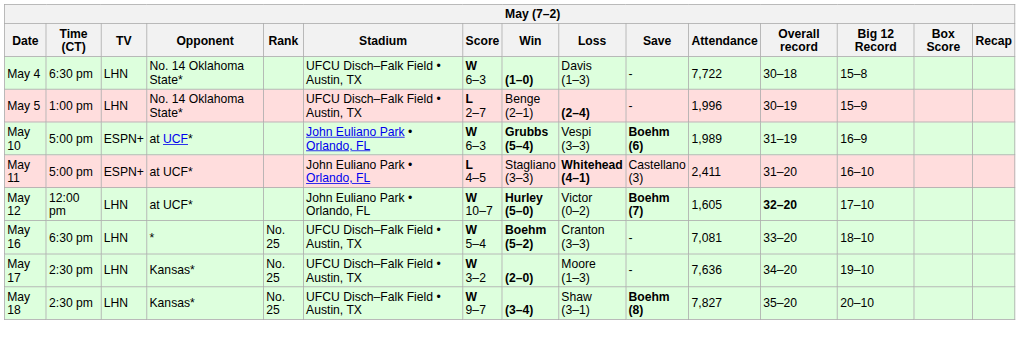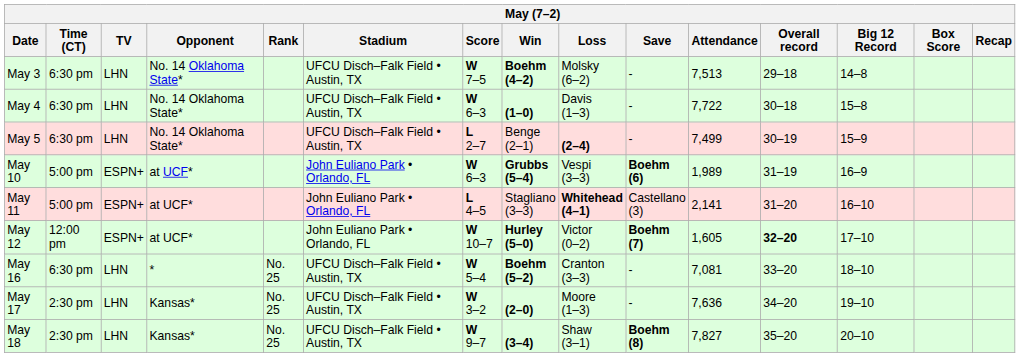 <table class="wikitable collapsible collapsed" style="margin:auto; font-size:95%; width:100%">
 <tr>
 <th colspan=15 style="padding-left:4em;">May (7–2)</th>
 </tr>
 <tr>
 <th>Date</th>
 <th>Time (CT)</th>
 <th>TV</th>
 <th>Opponent</th>
 <th>Rank</th>
 <th>Stadium</th>
 <th>Score</th>
 <th>Win</th>
 <th>Loss</th>
 <th>Save</th>
 <th>Attendance</th>
 <th>Overall record</th>
 <th>Big 12 Record</th>
 <th>Box Score</th>
 <th>Recap</th>
 </tr>
 <tr bgcolor=ddffdd>
+<td>May 3</td>
+<td>6:30 pm</td>
+<td>LHN</td>
+<td>No. 14 <a href='#'>Oklahoma State</a>*</td>
+<td></td>
+<td>UFCU Disch–Falk Field • Austin, TX</td>
+<td><strong>W</strong><br>7–5</td>
+<td><strong>Boehm<br>(4–2)</strong></td>
+<td>Molsky<br>(6–2)</td>
+<td>-</td>
+<td>7,513</td>
+<td>29–18</td>
+<td>14–8</td>
+<td></td>
+<td></td>
+</tr>
+<tr bgcolor=ddffdd>
 <td>May 4</td>
 <td>6:30 pm</td>
 <td>LHN</td>
 <td>No. 14 Oklahoma State*</td>
 <td></td>
 <td>UFCU Disch–Falk Field • Austin, TX</td>
 <td><strong>W</strong><br>6–3</td>
 <td><strong><br>(1–0)</strong></td>
 <td>Davis<br>(1–3)</td>
 <td>-</td>
 <td>7,722</td>
 <td>30–18</td>
 <td>15–8</td>
 <td></td>
 <td></td>
 </tr>
 <tr bgcolor=ffdddd>
 <td>May 5</td>
-<td>1:00 pm</td>
+<td>6:30 pm</td>
 <td>LHN</td>
 <td>No. 14 Oklahoma State*</td>
 <td></td>
 <td>UFCU Disch–Falk Field • Austin, TX</td>
 <td><strong>L</strong><br>2–7</td>
 <td>Benge<br>(2–1)</td>
 <td><strong><br>(2–4)</strong></td>
 <td>-</td>
-<td>1,996</td>
+<td>7,499</td>
 <td>30–19</td>
 <td>15–9</td>
 <td></td>
 <td></td>
 </tr>
 <tr bgcolor=ddffdd>
 <td>May 10</td>
 <td>5:00 pm</td>
 <td>ESPN+</td>
 <td>at  <a href='#'>UCF</a>*</td>
 <td></td>
 <td><a href='#'>John Euliano Park</a> • <a href='#'>Orlando, FL</a></td>
 <td><strong>W</strong><br>6–3</td>
 <td><strong>Grubbs<br>(5–4)</strong></td>
 <td>Vespi<br>(3–3)</td>
 <td><strong>Boehm<br>(6)</strong></td>
 <td>1,989</td>
 <td>31–19</td>
 <td>16–9</td>
 <td></td>
 <td></td>
 </tr>
 <tr bgcolor=ffdddd>
 <td>May 11</td>
 <td>5:00 pm</td>
 <td>ESPN+</td>
 <td>at  UCF*</td>
 <td></td>
 <td>John Euliano Park • <a href='#'>Orlando, FL</a></td>
 <td><strong>L</strong><br>4–5</td>
 <td>Stagliano<br>(3–3)</td>
 <td><strong>Whitehead<br>(4–1)</strong></td>
 <td>Castellano<br>(3)</td>
-<td>2,411</td>
+<td>2,141</td>
 <td>31–20</td>
 <td>16–10</td>
 <td></td>
 <td></td>
 </tr>
 <tr bgcolor=ddffdd>
 <td>May 12</td>
 <td>12:00 pm</td>
-<td>LHN</td>
+<td>ESPN+</td>
 <td>at  UCF*</td>
 <td></td>
 <td>John Euliano Park • Orlando, FL</td>
 <td><strong>W</strong><br>10–7</td>
 <td><strong>Hurley<br>(5–0)</strong></td>
 <td>Victor<br>(0–2)</td>
 <td><strong>Boehm<br>(7)</strong></td>
 <td>1,605</td>
 <td><strong>32–20</strong></td>
 <td>17–10</td>
 <td></td>
 <td></td>
 </tr>
 <tr bgcolor=ddffdd>
 <td>May 16</td>
 <td>6:30 pm</td>
 <td>LHN</td>
 <td>*</td>
 <td>No. 25</td>
 <td>UFCU Disch–Falk Field • Austin, TX</td>
 <td><strong>W</strong><br>5–4</td>
 <td><strong>Boehm<br>(5–2)</strong></td>
 <td>Cranton<br>(3–3)</td>
 <td>-</td>
 <td>7,081</td>
 <td>33–20</td>
 <td>18–10</td>
 <td></td>
 <td></td>
 </tr>
 <tr bgcolor=ddffdd>
 <td>May 17</td>
 <td>2:30 pm</td>
 <td>LHN</td>
 <td>Kansas*</td>
 <td>No. 25</td>
 <td>UFCU Disch–Falk Field • Austin, TX</td>
 <td><strong>W</strong><br>3–2</td>
 <td><strong><br>(2–0)</strong></td>
 <td>Moore<br>(1–3)</td>
 <td>-</td>
 <td>7,636</td>
 <td>34–20</td>
 <td>19–10</td>
 <td></td>
 <td></td>
 </tr>
 <tr bgcolor=ddffdd>
 <td>May 18</td>
 <td>2:30 pm</td>
 <td>LHN</td>
 <td>Kansas*</td>
 <td>No. 25</td>
 <td>UFCU Disch–Falk Field • Austin, TX</td>
 <td><strong>W</strong><br>9–7</td>
 <td><strong><br>(3–4)</strong></td>
 <td>Shaw<br>(3–1)</td>
 <td><strong>Boehm<br>(8)</strong></td>
 <td>7,827</td>
 <td>35–20</td>
 <td>20–10</td>
 <td></td>
 <td></td>
 </tr>
 </table>
